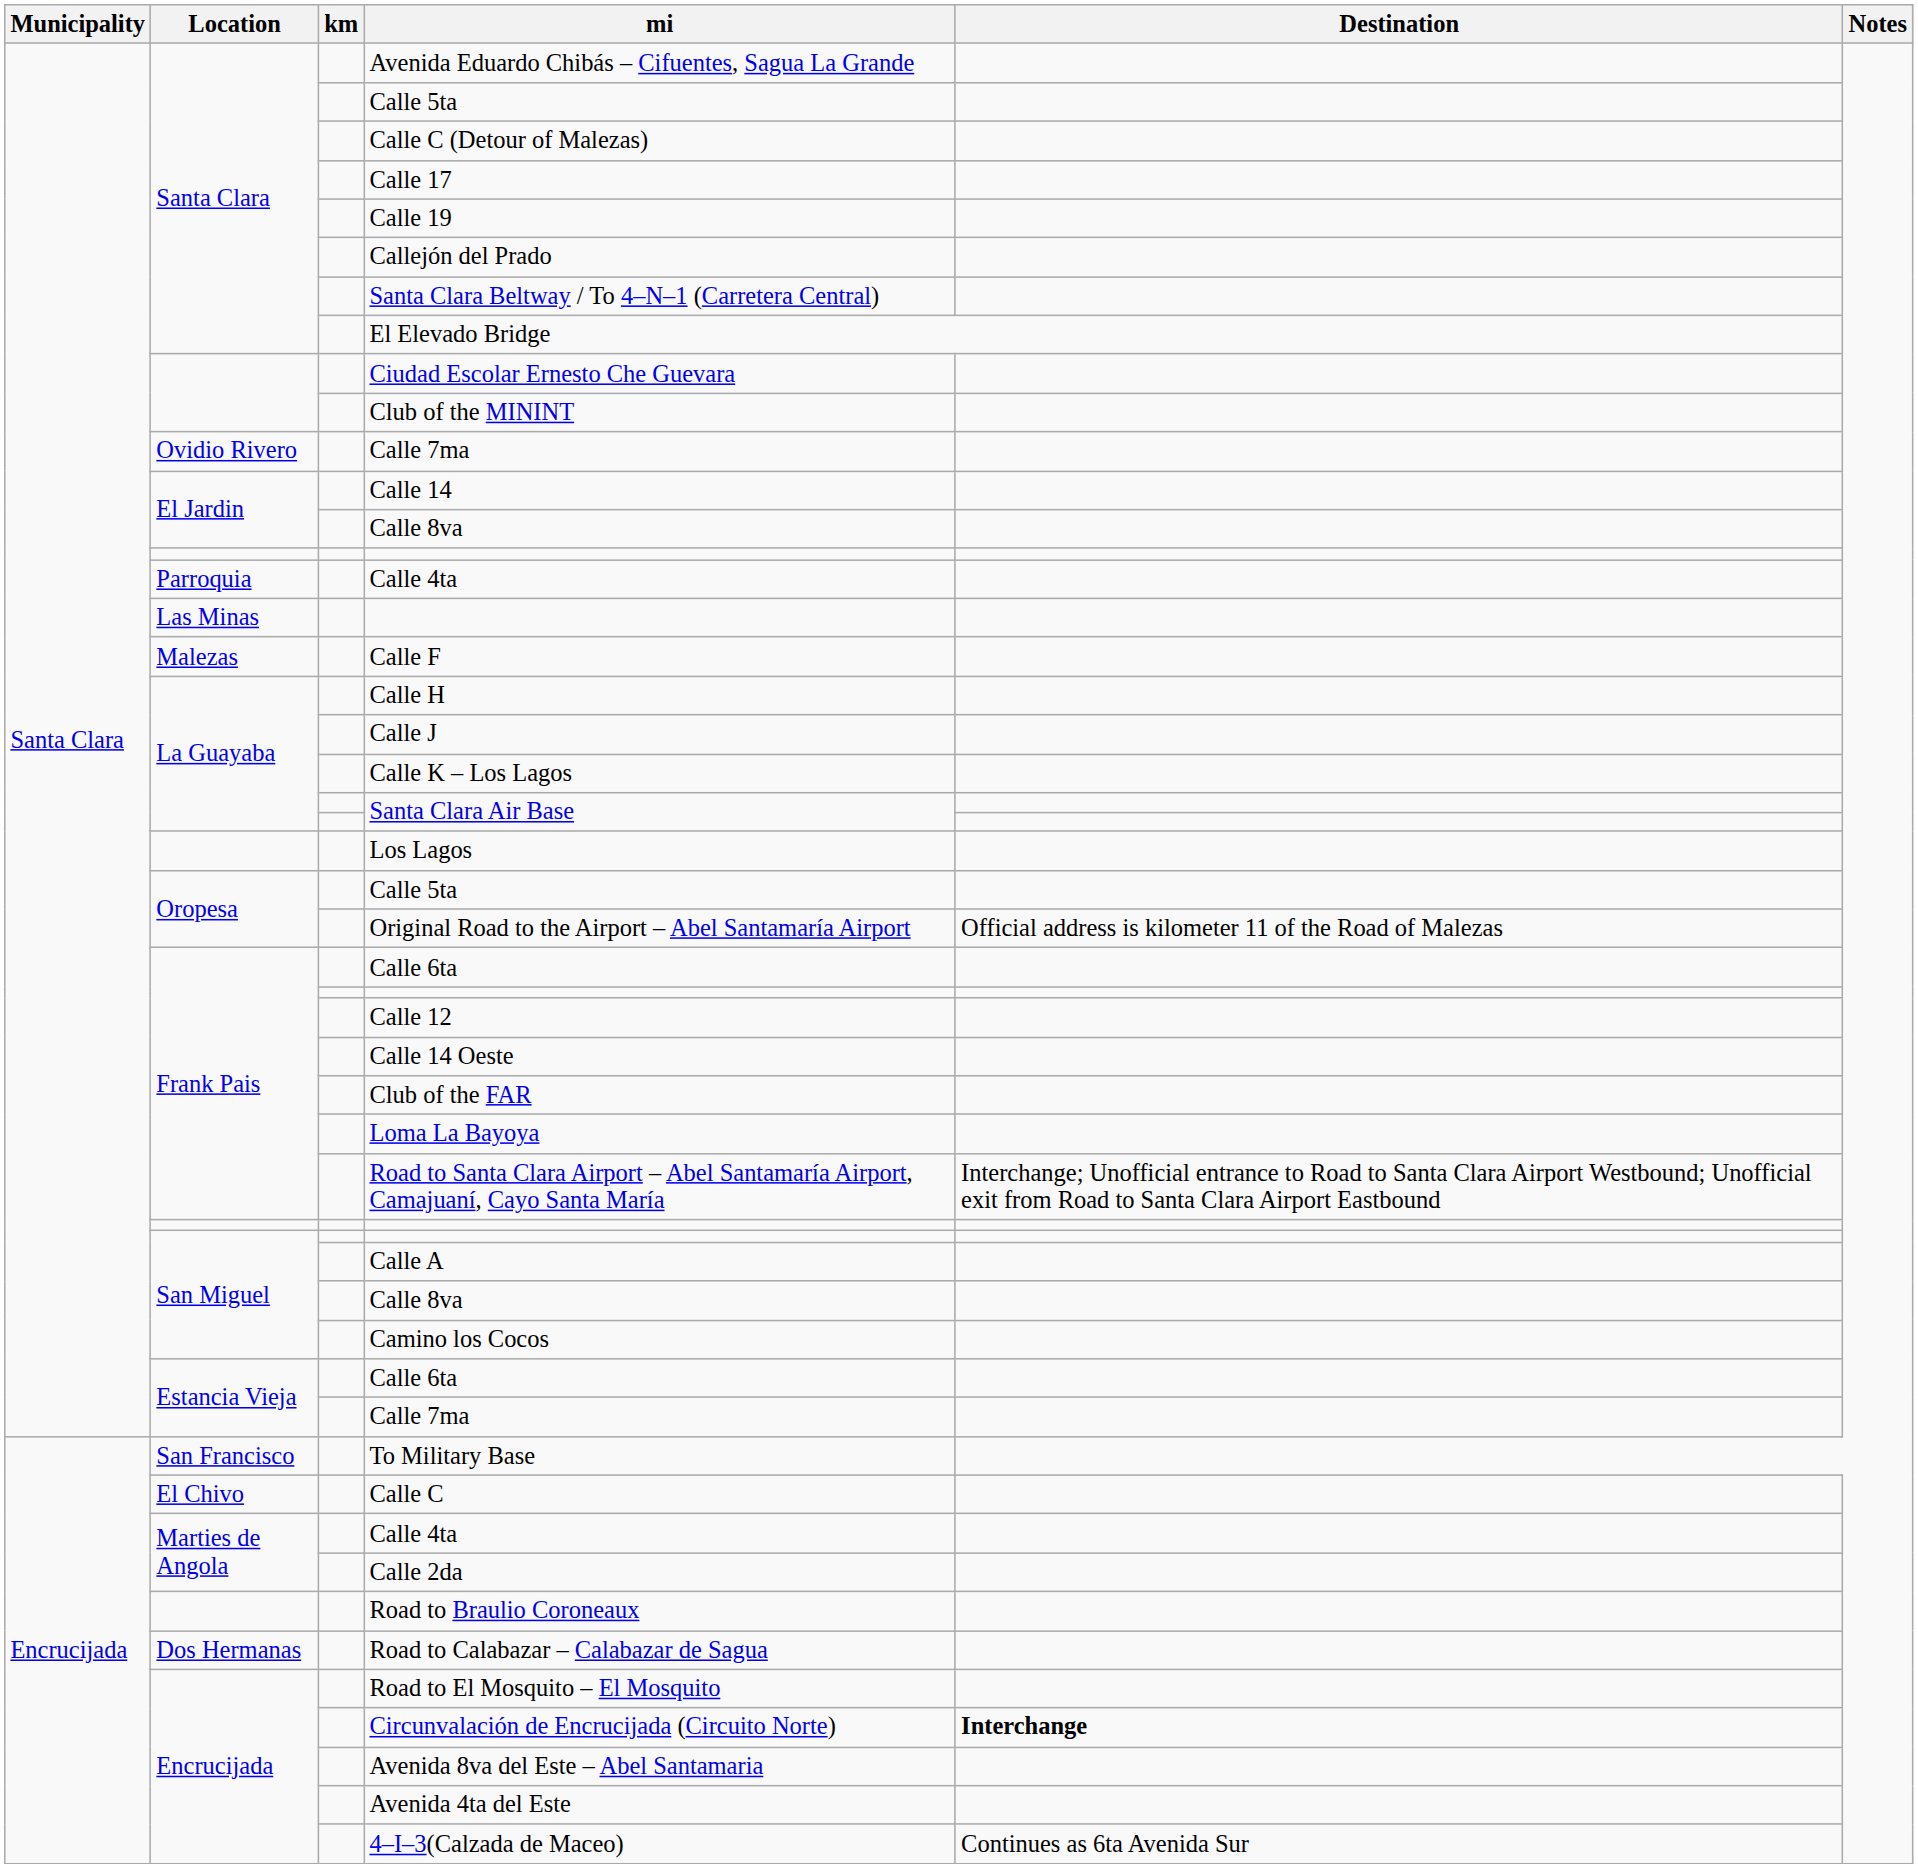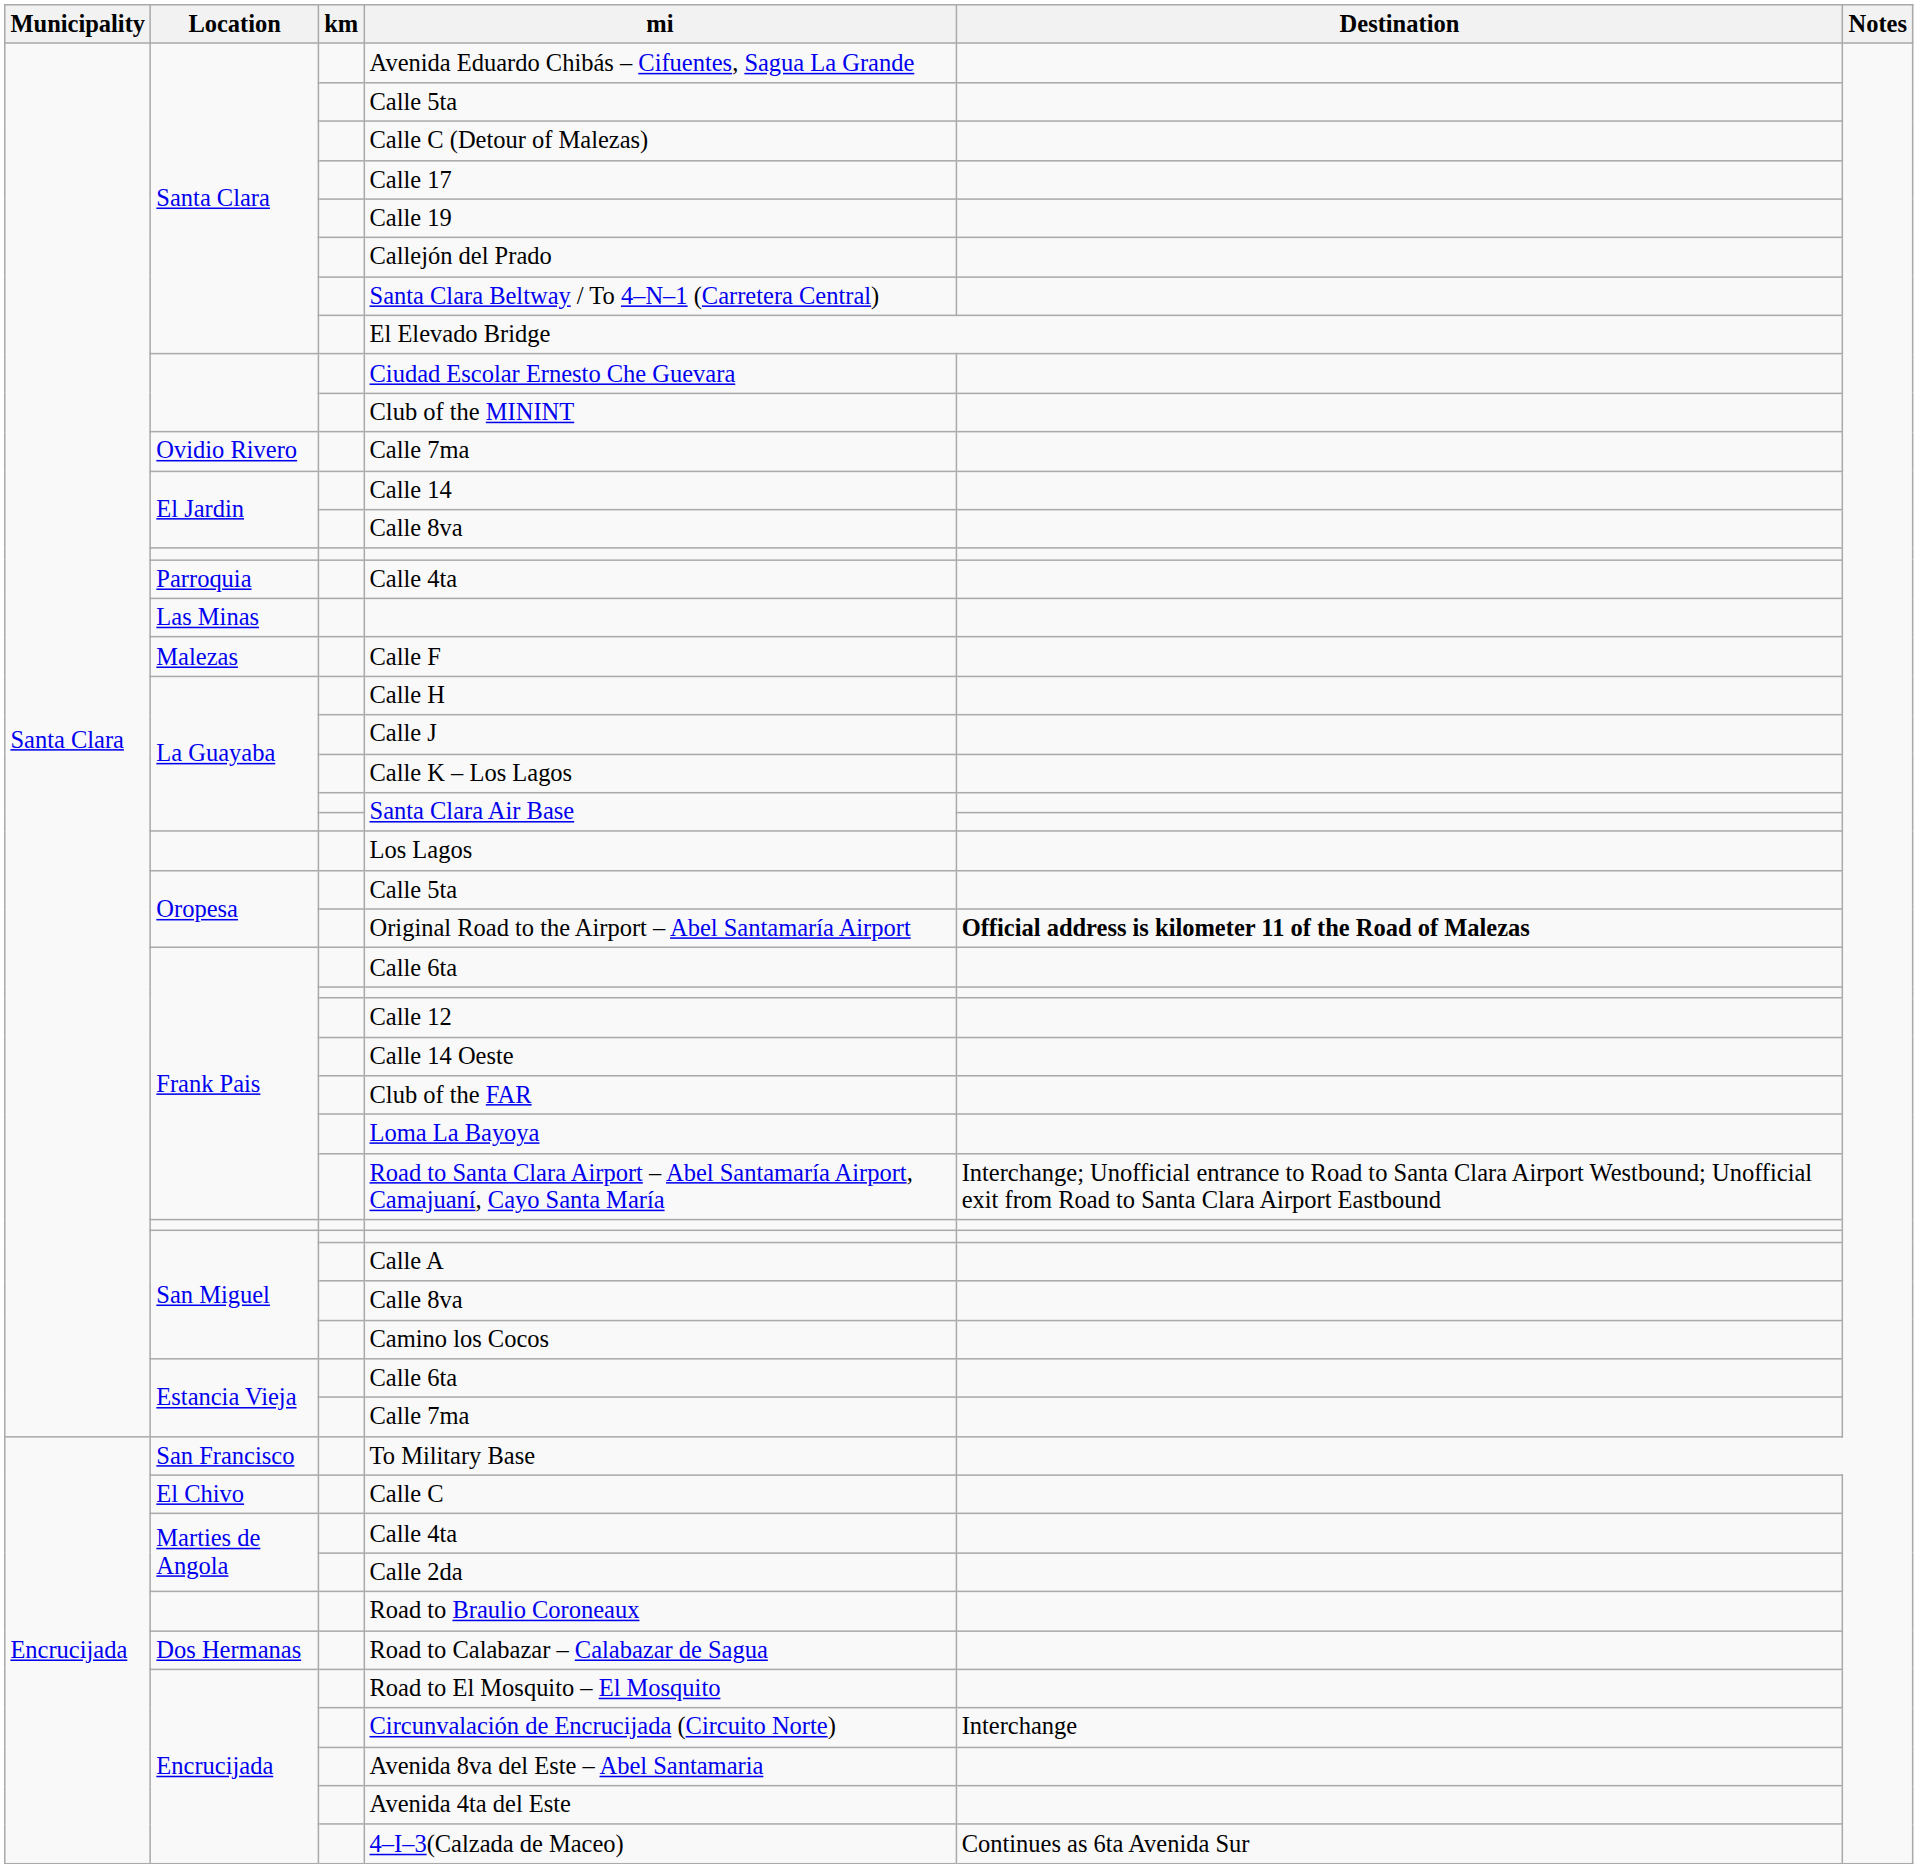 <table class="wikitable">
 <tr>
 <th>Municipality</th>
 <th>Location</th>
 <th>km</th>
 <th>mi</th>
 <th>Destination</th>
 <th>Notes</th>
 </tr>
 <tr>
 <td rowspan="39"><a href='#'>Santa Clara</a></td>
 <td rowspan="8"><a href='#'>Santa Clara</a></td>
 <td></td>
 <td>Avenida Eduardo Chibás – <a href='#'>Cifuentes</a>, <a href='#'>Sagua La Grande</a></td>
 <td></td>
 </tr>
 <tr>
 <td></td>
 <td>Calle 5ta</td>
 <td></td>
 </tr>
 <tr>
 <td></td>
 <td>Calle C (Detour of Malezas)</td>
 <td></td>
 </tr>
 <tr>
 <td></td>
 <td>Calle 17</td>
 <td></td>
 </tr>
 <tr>
 <td></td>
 <td>Calle 19</td>
 <td></td>
 </tr>
 <tr>
 <td></td>
 <td>Callejón del Prado</td>
 <td></td>
 </tr>
 <tr>
 <td></td>
 <td> <a href='#'>Santa Clara Beltway</a> / To <a href='#'>4–N–1</a> (<a href='#'>Carretera Central</a>)</td>
 <td></td>
 </tr>
 <tr>
 <td></td>
 <td colspan="2">El Elevado Bridge</td>
 </tr>
 <tr>
 <td rowspan="2"></td>
 <td></td>
 <td><bdi><a href='#'>Ciudad Escolar Ernesto Che Guevara</a></bdi></td>
 <td></td>
 </tr>
 <tr>
 <td></td>
 <td>Club of the <a href='#'>MININT</a></td>
 <td></td>
 </tr>
 <tr>
 <td><a href='#'>Ovidio Rivero</a></td>
 <td></td>
 <td>Calle 7ma</td>
 <td></td>
 </tr>
 <tr>
 <td rowspan="2"><a href='#'>El Jardin</a></td>
 <td></td>
 <td>Calle 14</td>
 <td></td>
 </tr>
 <tr>
 <td></td>
 <td>Calle 8va</td>
 <td></td>
 </tr>
 <tr>
 <td></td>
 <td></td>
 <td></td>
 <td></td>
 </tr>
 <tr>
 <td><a href='#'>Parroquia</a></td>
 <td></td>
 <td>Calle 4ta</td>
 <td></td>
 </tr>
 <tr>
 <td><a href='#'>Las Minas</a></td>
 <td></td>
 <td></td>
 <td></td>
 </tr>
 <tr>
 <td><a href='#'>Malezas</a></td>
 <td></td>
 <td>Calle F</td>
 <td></td>
 </tr>
 <tr>
 <td rowspan="5"><a href='#'>La Guayaba</a></td>
 <td></td>
 <td>Calle H</td>
 <td></td>
 </tr>
 <tr>
 <td></td>
 <td>Calle J</td>
 <td></td>
 </tr>
 <tr>
 <td></td>
 <td>Calle K – Los Lagos</td>
 <td></td>
 </tr>
 <tr>
 <td></td>
 <td rowspan="2"> <a href='#'>Santa Clara Air Base</a></td>
 <td></td>
 </tr>
 <tr>
 <td></td>
 <td></td>
 </tr>
 <tr>
 <td></td>
 <td></td>
 <td>Los Lagos</td>
 <td></td>
 </tr>
 <tr>
 <td rowspan="2"><a href='#'>Oropesa</a></td>
 <td></td>
 <td>Calle 5ta</td>
 <td></td>
 </tr>
 <tr>
 <td></td>
 <td> Original Road to the Airport – <a href='#'>Abel Santamaría Airport</a></td>
-<td>Official address is kilometer 11 of the Road of Malezas</td>
+<td><strong>Official address is kilometer 11 of the Road of Malezas</strong></td>
 </tr>
 <tr>
 <td rowspan="7"><a href='#'>Frank Pais</a></td>
 <td></td>
 <td>Calle 6ta</td>
 <td></td>
 </tr>
 <tr>
 <td></td>
 <td></td>
 <td></td>
 </tr>
 <tr>
 <td></td>
 <td>Calle 12</td>
 <td></td>
 </tr>
 <tr>
 <td></td>
 <td>Calle 14 Oeste</td>
 <td></td>
 </tr>
 <tr>
 <td></td>
 <td> Club of the <a href='#'>FAR</a></td>
 <td></td>
 </tr>
 <tr>
 <td></td>
 <td><a href='#'>Loma La Bayoya</a></td>
 <td></td>
 </tr>
 <tr>
 <td></td>
 <td> <a href='#'>Road to Santa Clara Airport</a> – <a href='#'>Abel Santamaría Airport</a>, <a href='#'>Camajuaní</a>, <a href='#'>Cayo Santa María</a></td>
 <td>Interchange; Unofficial entrance to Road to Santa Clara Airport Westbound; Unofficial exit from Road to Santa Clara Airport Eastbound</td>
 </tr>
 <tr>
 <td></td>
 <td></td>
 <td></td>
 <td></td>
 </tr>
 <tr>
 <td rowspan="4"><a href='#'>San Miguel</a></td>
 <td></td>
 <td></td>
 <td></td>
 </tr>
 <tr>
 <td></td>
 <td>Calle A</td>
 <td></td>
 </tr>
 <tr>
 <td></td>
 <td>Calle 8va</td>
 <td></td>
 </tr>
 <tr>
 <td></td>
 <td>Camino los Cocos</td>
 <td></td>
 </tr>
 <tr>
 <td rowspan="2"><a href='#'>Estancia Vieja</a></td>
 <td></td>
 <td>Calle 6ta</td>
 <td></td>
 </tr>
 <tr>
 <td></td>
 <td>Calle 7ma</td>
 <td></td>
 </tr>
 <tr>
 <td rowspan="11"><a href='#'>Encrucijada</a></td>
 <td><a href='#'>San Francisco</a></td>
 <td></td>
 <td> To Military Base</td>
 </tr>
 <tr>
 <td><a href='#'>El Chivo</a></td>
 <td></td>
 <td>Calle C</td>
 <td></td>
 </tr>
 <tr>
 <td rowspan="2"><a href='#'>Marties de Angola</a></td>
 <td></td>
 <td>Calle 4ta</td>
 <td></td>
 </tr>
 <tr>
 <td></td>
 <td>Calle 2da</td>
 <td></td>
 </tr>
 <tr>
 <td></td>
 <td></td>
 <td>Road to <a href='#'>Braulio Coroneaux</a></td>
 <td></td>
 </tr>
 <tr>
 <td><a href='#'>Dos Hermanas</a></td>
 <td></td>
 <td>Road to Calabazar – <a href='#'>Calabazar de Sagua</a></td>
 <td></td>
 </tr>
 <tr>
 <td rowspan="5"><a href='#'>Encrucijada</a></td>
 <td></td>
 <td>Road to El Mosquito – <a href='#'>El Mosquito</a></td>
 <td></td>
 </tr>
 <tr>
 <td></td>
 <td><a href='#'>Circunvalación de Encrucijada</a> (<a href='#'>Circuito Norte</a>)</td>
-<td><strong>Interchange</strong></td>
+<td>Interchange</td>
 </tr>
 <tr>
 <td></td>
 <td>Avenida 8va del Este – <a href='#'>Abel Santamaria</a></td>
 <td></td>
 </tr>
 <tr>
 <td></td>
 <td>Avenida 4ta del Este</td>
 <td></td>
 </tr>
 <tr>
 <td></td>
 <td> <a href='#'>4–I–3</a>(Calzada de Maceo)</td>
 <td>Continues as 6ta Avenida Sur</td>
 </tr>
 </table>
